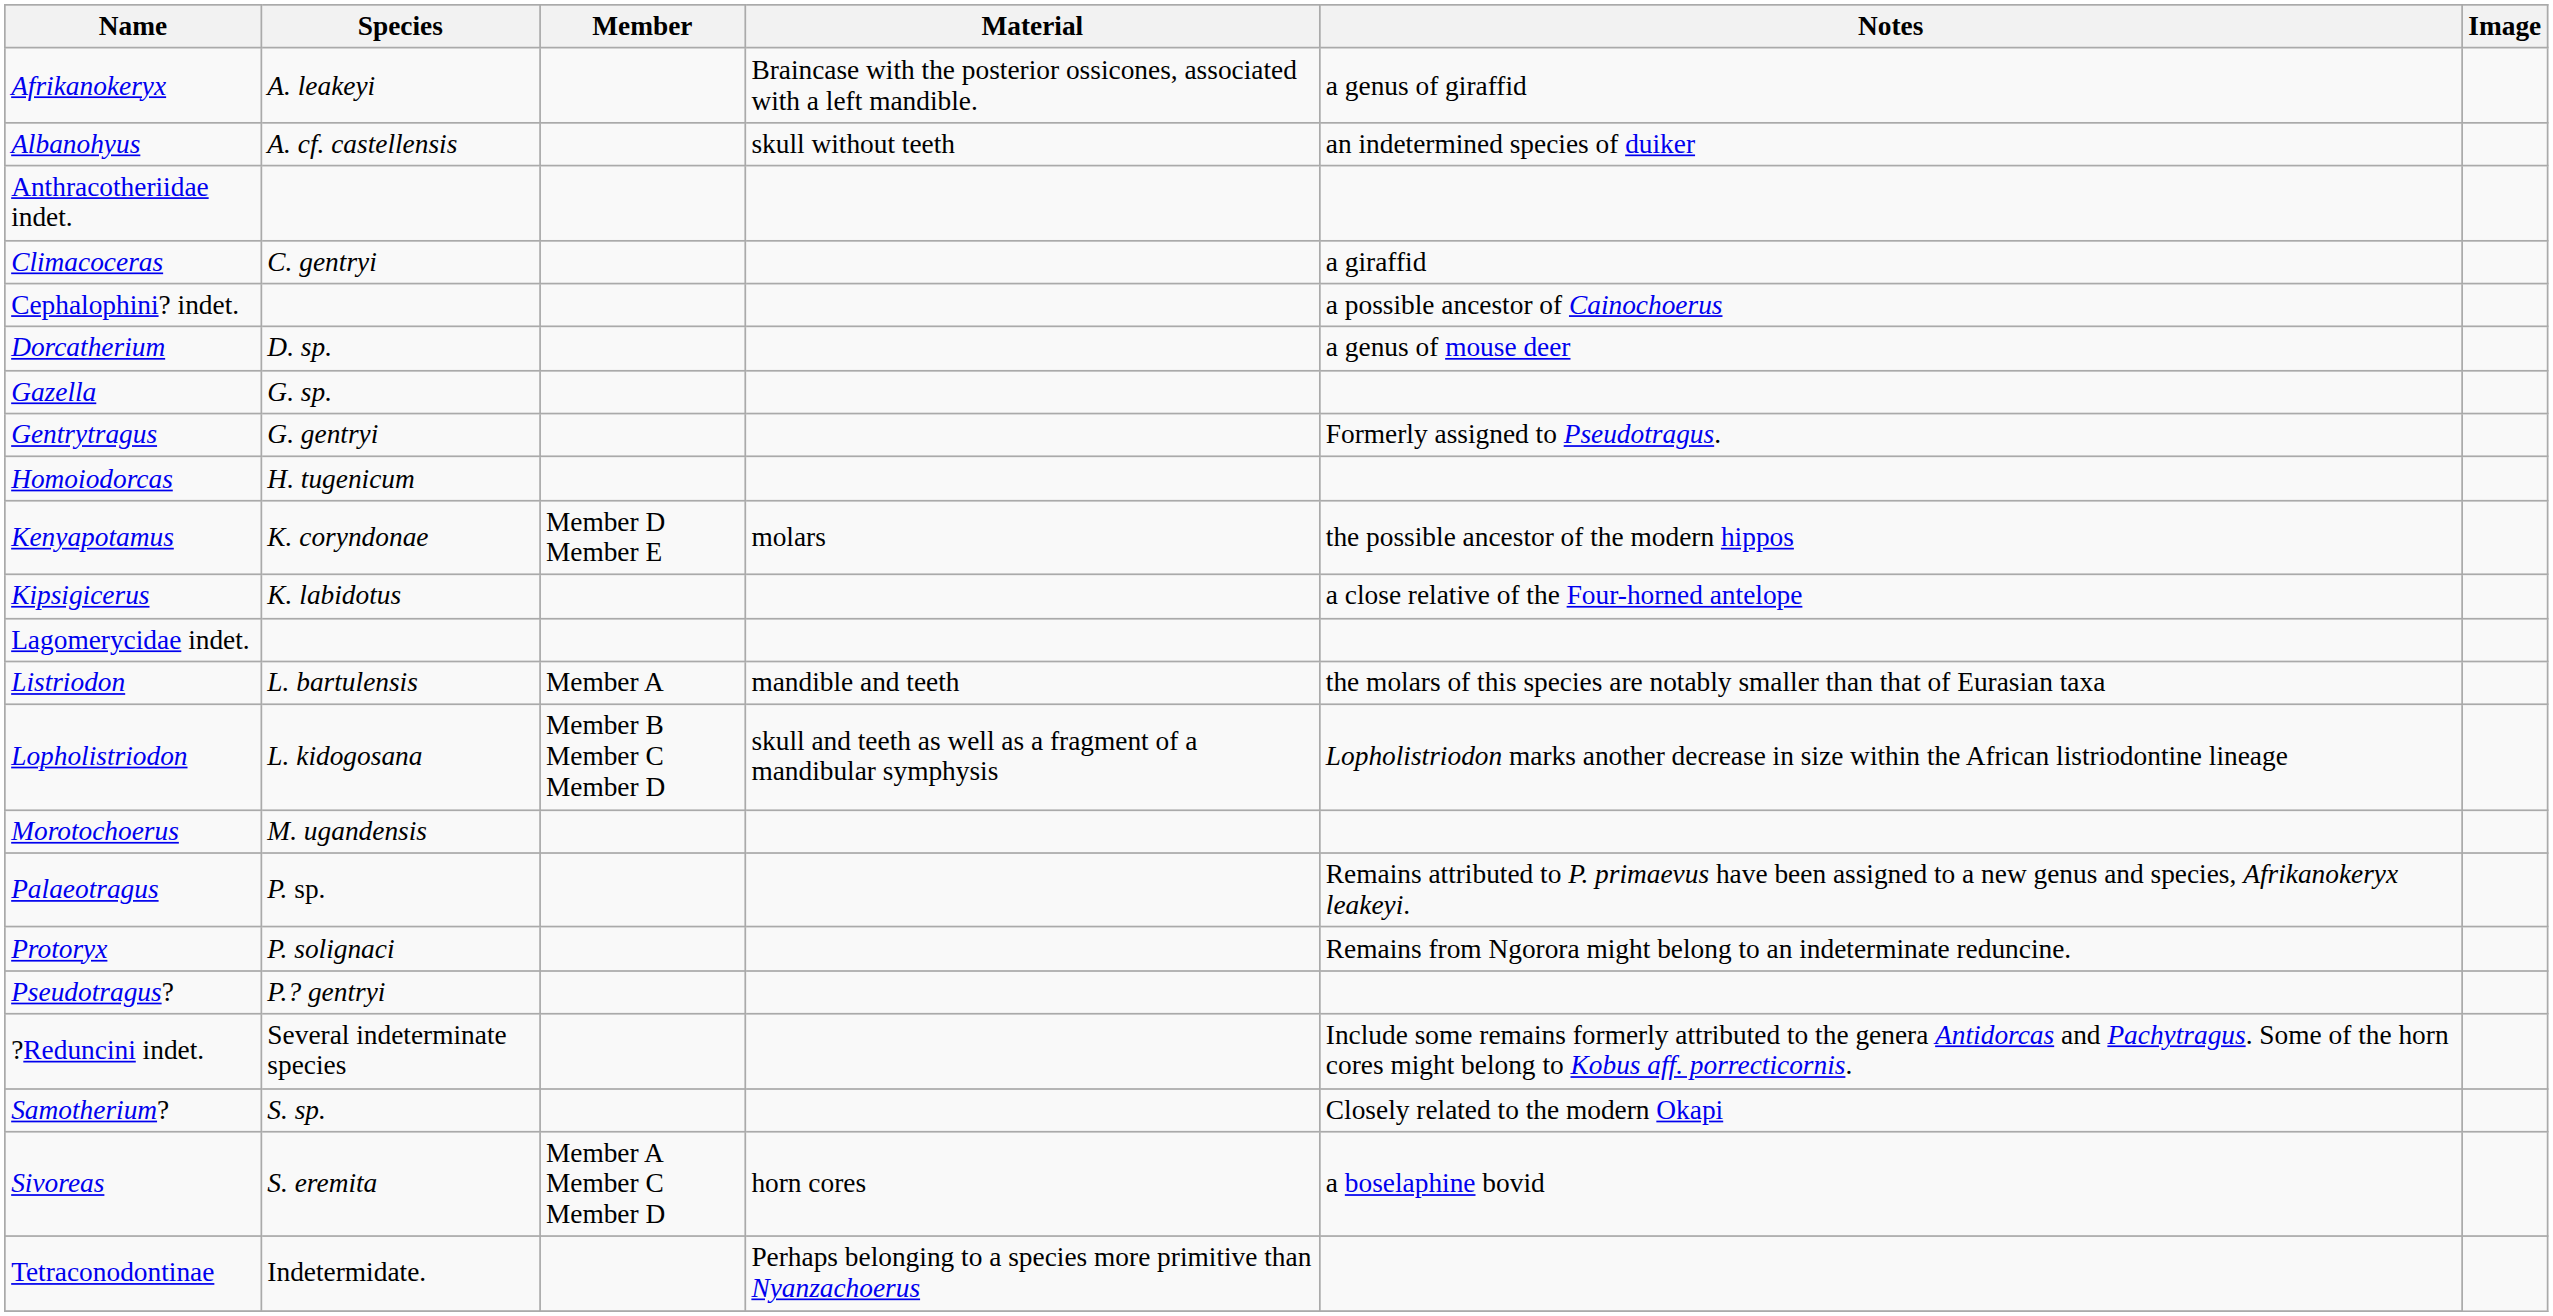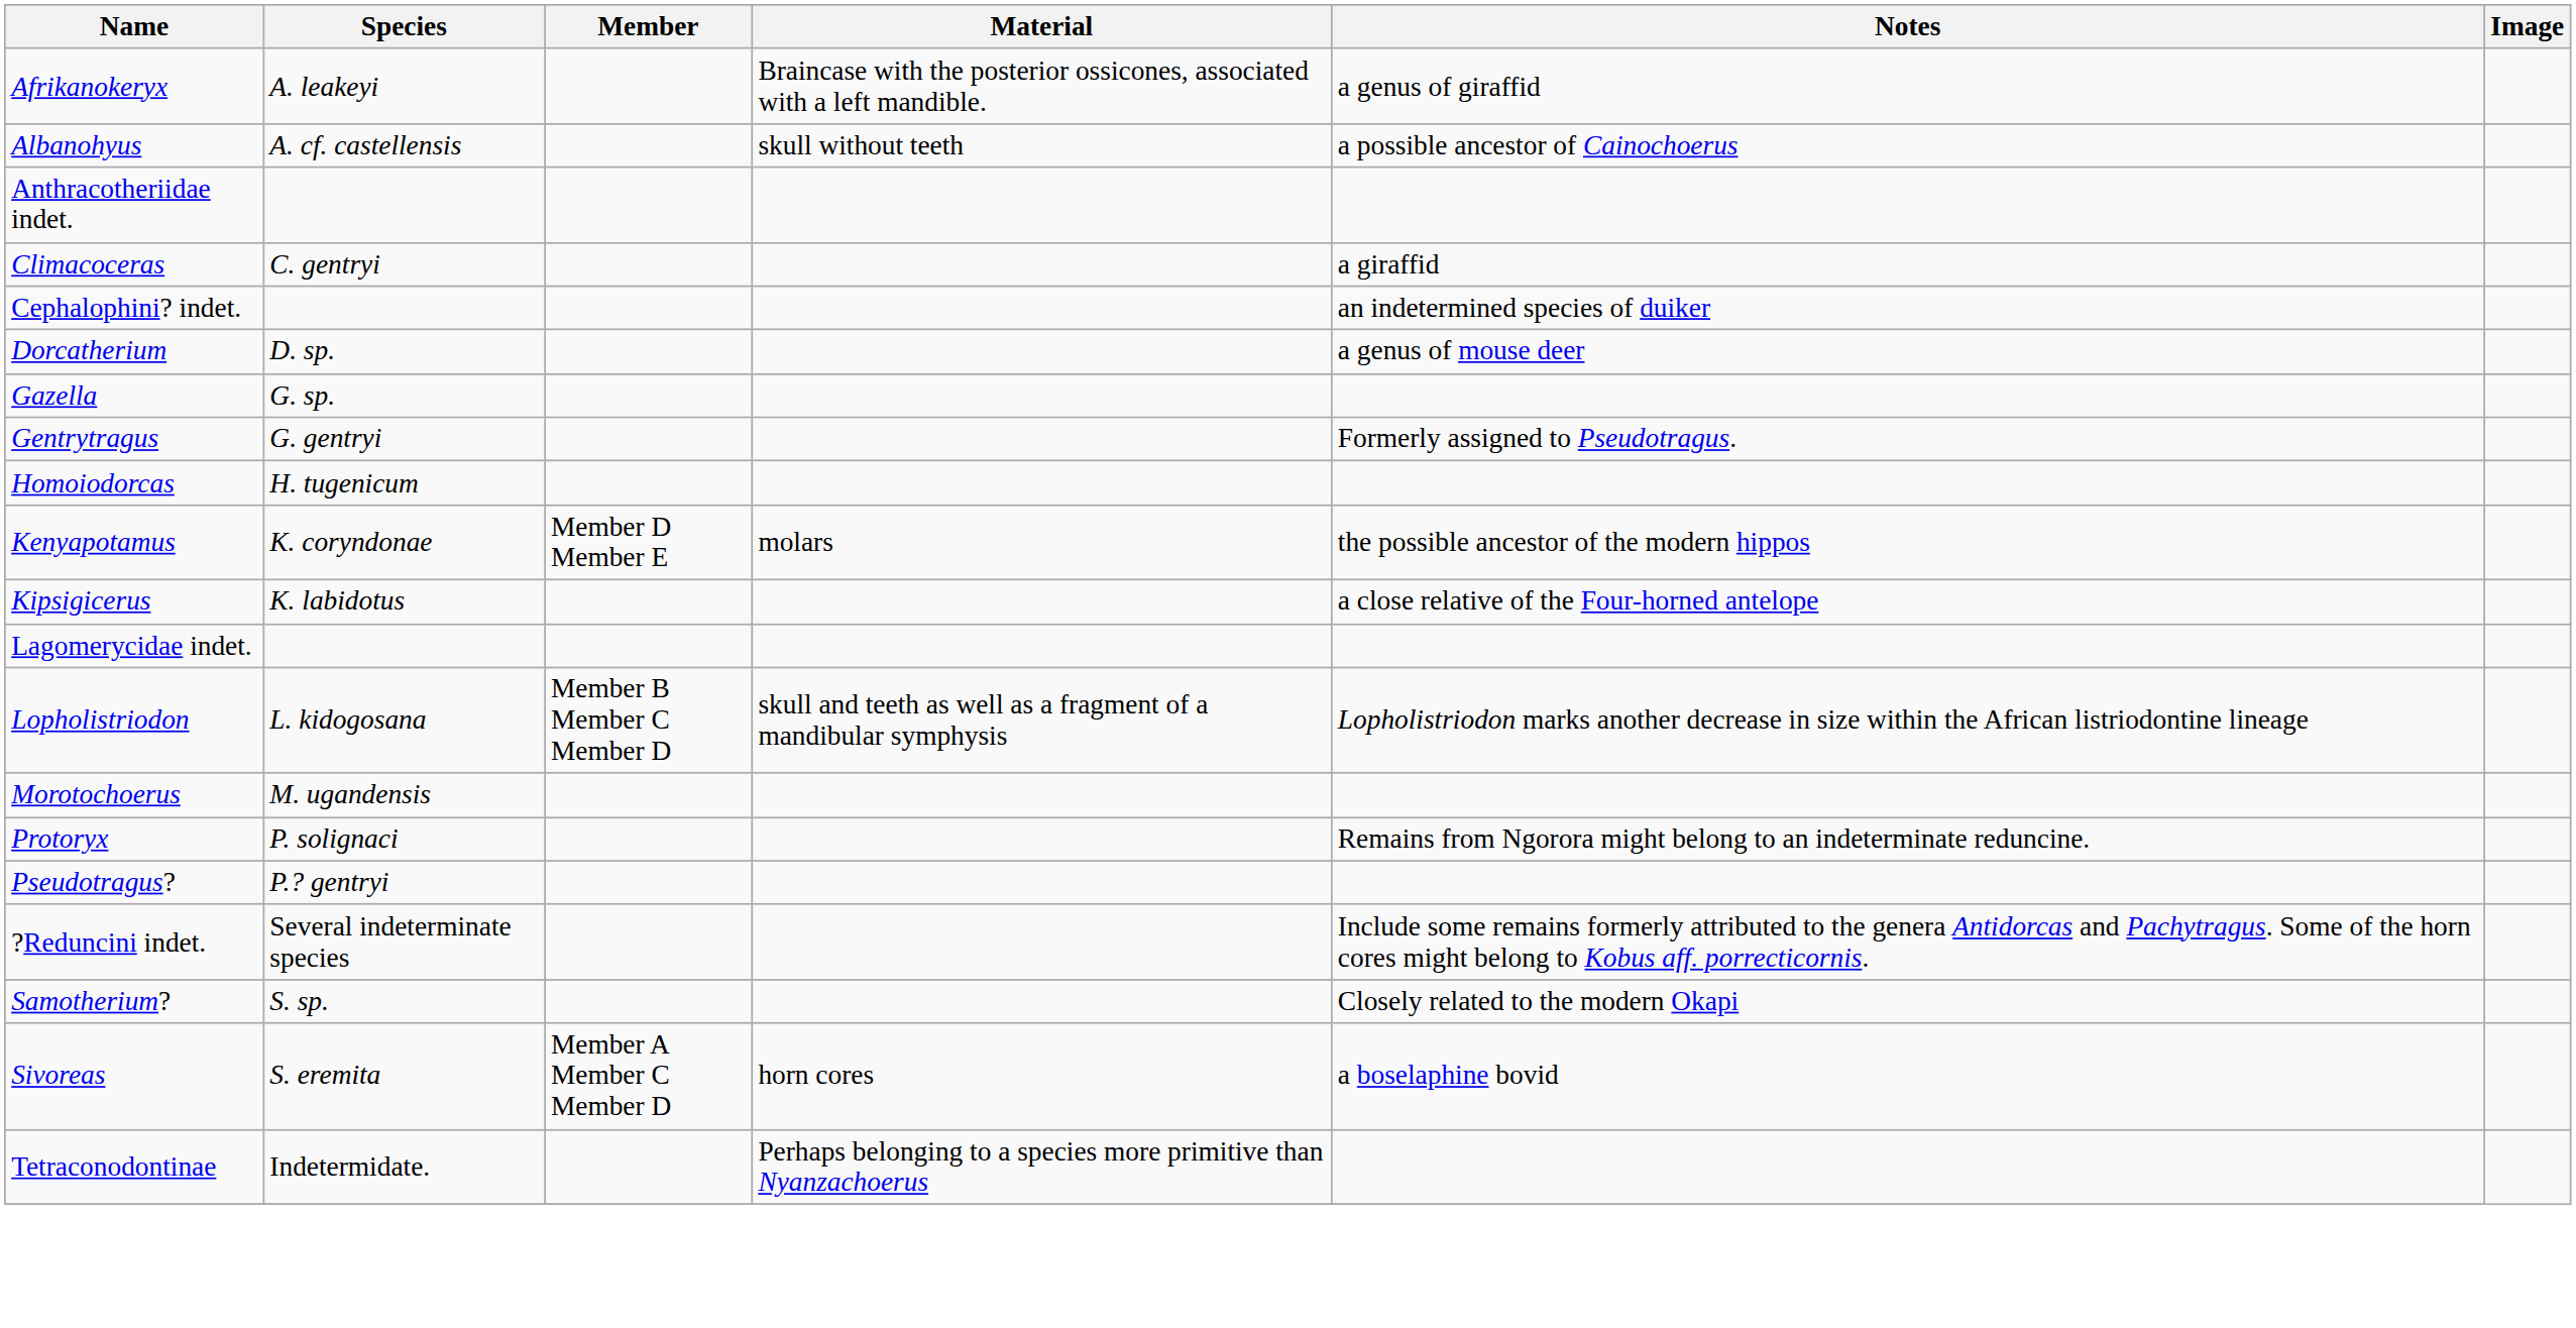 <table class="wikitable" align="center" width="75%">
 <tr>
 <th>Name</th>
 <th>Species</th>
 <th>Member</th>
 <th>Material</th>
 <th>Notes</th>
 <th>Image</th>
 </tr>
 <tr>
 <td><em><a href='#'>Afrikanokeryx</a></em></td>
 <td><em>A. leakeyi</em></td>
 <td></td>
 <td>Braincase with the posterior ossicones, associated with a left mandible.</td>
 <td>a genus of giraffid</td>
 <td></td>
 </tr>
 <tr>
 <td><em><a href='#'>Albanohyus</a></em></td>
 <td><em>A. cf. castellensis</em></td>
 <td></td>
 <td>skull without teeth</td>
-<td>an indetermined species of <a href='#'>duiker</a></td>
+<td>a possible ancestor of <em><a href='#'>Cainochoerus</a></em></td>
 <td></td>
 </tr>
 <tr>
 <td><a href='#'>Anthracotheriidae</a> indet.</td>
 <td></td>
 <td></td>
 <td></td>
 <td></td>
 <td></td>
 </tr>
 <tr>
 <td><em><a href='#'>Climacoceras</a></em></td>
 <td><em>C. gentryi</em></td>
 <td></td>
 <td></td>
 <td>a giraffid</td>
 <td></td>
 </tr>
 <tr>
 <td><a href='#'>Cephalophini</a>? indet.</td>
 <td></td>
 <td></td>
 <td></td>
-<td>a possible ancestor of <em><a href='#'>Cainochoerus</a></em></td>
+<td>an indetermined species of <a href='#'>duiker</a></td>
 <td></td>
 </tr>
 <tr>
 <td><em><a href='#'>Dorcatherium</a></em> </td>
 <td><em>D. sp.</em></td>
 <td></td>
 <td></td>
 <td>a genus of <a href='#'>mouse deer</a></td>
 <td></td>
 </tr>
 <tr>
 <td><em><a href='#'>Gazella</a></em></td>
 <td><em>G. sp.</em></td>
 <td></td>
 <td></td>
 <td></td>
 <td></td>
 </tr>
 <tr>
 <td><em><a href='#'>Gentrytragus</a></em> </td>
 <td><em>G. gentryi</em></td>
 <td></td>
 <td></td>
 <td>Formerly assigned to <em><a href='#'>Pseudotragus</a></em>.</td>
 <td></td>
 </tr>
 <tr>
 <td><em><a href='#'>Homoiodorcas</a></em></td>
 <td><em>H. tugenicum</em></td>
 <td></td>
 <td></td>
 <td></td>
 <td></td>
 </tr>
 <tr>
 <td><em><a href='#'>Kenyapotamus</a></em> </td>
 <td><em>K. coryndonae</em></td>
 <td>Member D Member E</td>
 <td>molars</td>
 <td>the possible ancestor of the modern <a href='#'>hippos</a></td>
 <td></td>
 </tr>
 <tr>
 <td><em><a href='#'>Kipsigicerus</a></em></td>
 <td><em>K. labidotus</em></td>
 <td></td>
 <td></td>
 <td>a close relative of the <a href='#'>Four-horned antelope</a></td>
 <td></td>
 </tr>
 <tr>
 <td><a href='#'>Lagomerycidae</a> indet.</td>
 <td></td>
 <td></td>
 <td></td>
 <td></td>
 <td></td>
 </tr>
 <tr>
-<td><em><a href='#'>Listriodon</a></em></td>
-<td><em>L. bartulensis</em></td>
-<td>Member A</td>
-<td>mandible and teeth</td>
-<td>the molars of this species are notably smaller than that of Eurasian taxa</td>
-<td></td>
-</tr>
-<tr>
 <td><em><a href='#'>Lopholistriodon</a></em></td>
 <td><em>L. kidogosana</em></td>
 <td>Member B<br>Member C Member D</td>
 <td>skull and teeth as well as a fragment of a mandibular symphysis</td>
 <td><em>Lopholistriodon</em> marks another decrease in size within the African listriodontine lineage</td>
 <td></td>
 </tr>
 <tr>
 <td><em><a href='#'>Morotochoerus</a></em> </td>
 <td><em>M. ugandensis</em></td>
 <td></td>
 <td></td>
-<td></td>
-</tr>
-<tr>
-<td><em><a href='#'>Palaeotragus</a></em></td>
-<td><em>P.</em> sp.</td>
-<td></td>
-<td></td>
-<td>Remains attributed to <em>P. primaevus</em> have been assigned to a new genus and species, <em>Afrikanokeryx leakeyi</em>.</td>
 <td></td>
 </tr>
 <tr>
 <td><em><a href='#'>Protoryx</a></em></td>
 <td><em>P. solignaci</em></td>
 <td></td>
 <td></td>
 <td>Remains from Ngorora might belong to an indeterminate reduncine.</td>
 <td></td>
 </tr>
 <tr>
 <td><em><a href='#'>Pseudotragus</a></em>?</td>
 <td><em>P.? gentryi</em></td>
 <td></td>
 <td></td>
 <td></td>
 <td></td>
 </tr>
 <tr>
 <td>?<a href='#'>Reduncini</a> indet.</td>
 <td>Several indeterminate species</td>
 <td></td>
 <td></td>
 <td>Include some remains formerly attributed to the genera <em><a href='#'>Antidorcas</a></em> and <em><a href='#'>Pachytragus</a></em>. Some of the horn cores might belong to <em><a href='#'>Kobus aff. porrecticornis</a></em>.</td>
 <td></td>
 </tr>
 <tr>
 <td><em><a href='#'>Samotherium</a></em>?</td>
 <td><em>S. sp.</em></td>
 <td></td>
 <td></td>
 <td>Closely related to the modern <a href='#'>Okapi</a></td>
 <td></td>
 </tr>
 <tr>
 <td><em><a href='#'>Sivoreas</a></em></td>
 <td><em>S. eremita</em></td>
 <td>Member A<br>Member C Member D</td>
 <td>horn cores</td>
 <td>a <a href='#'>boselaphine</a> bovid</td>
 <td></td>
 </tr>
 <tr>
 <td><a href='#'>Tetraconodontinae</a></td>
 <td>Indetermidate.</td>
 <td></td>
 <td>Perhaps belonging to a species more primitive than <em><a href='#'>Nyanzachoerus</a></em></td>
 <td></td>
 </tr>
 <tr>
 </tr>
 </table>
